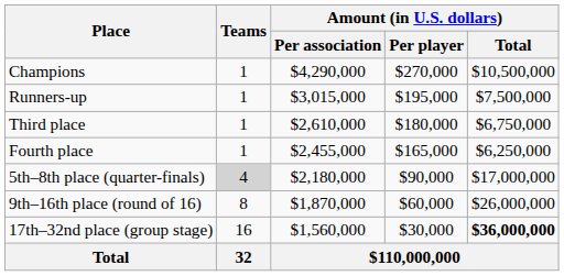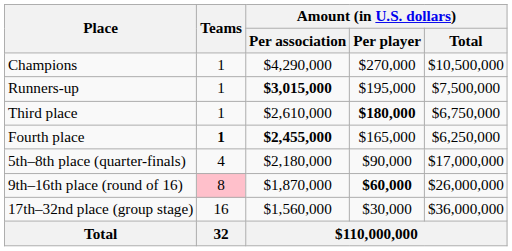 <table class="wikitable sortable" style="text-align:center;">
 <tr>
 <th rowspan="2">Place</th>
 <th rowspan="2">Teams</th>
 <th colspan="3">Amount (in <a href='#'>U.S. dollars</a>)</th>
 </tr>
 <tr>
 <th>Per association</th>
 <th>Per player </th>
 <th>Total</th>
 </tr>
 <tr>
 <td style="text-align:left;">Champions</td>
 <td>1</td>
 <td>$4,290,000</td>
 <td>$270,000</td>
 <td>$10,500,000</td>
 </tr>
 <tr>
 <td style="text-align:left;">Runners-up</td>
 <td>1</td>
-<td>$3,015,000</td>
+<td><strong>$3,015,000</strong></td>
 <td>$195,000</td>
 <td>$7,500,000</td>
 </tr>
 <tr>
 <td style="text-align:left;">Third place</td>
 <td>1</td>
 <td>$2,610,000</td>
-<td>$180,000</td>
+<td><strong>$180,000</strong></td>
 <td>$6,750,000</td>
 </tr>
 <tr>
 <td style="text-align:left;">Fourth place</td>
-<td>1</td>
-<td>$2,455,000</td>
+<td><strong>1</strong></td>
+<td><strong>$2,455,000</strong></td>
 <td>$165,000</td>
 <td>$6,250,000</td>
 </tr>
 <tr>
 <td style="text-align:left;">5th–8th place (quarter-finals)</td>
-<td style="background: lightgrey;">4</td>
+<td>4</td>
 <td>$2,180,000</td>
 <td>$90,000</td>
 <td>$17,000,000</td>
 </tr>
 <tr>
 <td style="text-align:left;">9th–16th place (round of 16)</td>
-<td>8</td>
+<td style="background: pink;">8</td>
 <td>$1,870,000</td>
-<td>$60,000</td>
+<td><strong>$60,000</strong></td>
 <td>$26,000,000</td>
 </tr>
 <tr>
 <td style="text-align:left;">17th–32nd place (group stage)</td>
 <td>16</td>
 <td>$1,560,000</td>
 <td>$30,000</td>
-<td><strong>$36,000,000</strong></td>
+<td>$36,000,000</td>
 </tr>
 <tr>
 <th>Total</th>
 <th>32</th>
 <th colspan="3">$110,000,000</th>
 </tr>
 </table>
